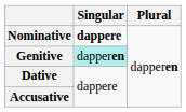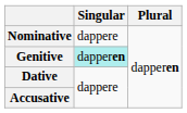 <table class="wikitable" style="display: inline-table;">
 <tr>
 <th></th>
 <th>Singular</th>
 <th>Plural</th>
 </tr>
 <tr>
 <th>Nominative</th>
-<td><strong>dappere</strong></td>
+<td>dappere</td>
 <td rowspan="4">dapper<strong>en</strong></td>
 </tr>
 <tr>
 <th>Genitive</th>
 <td style="background: paleturquoise;">dapper<strong>en</strong></td>
 </tr>
 <tr>
 <th>Dative</th>
 <td rowspan="2">dappere</td>
 </tr>
 <tr>
 <th>Accusative</th>
 </tr>
 </table>
